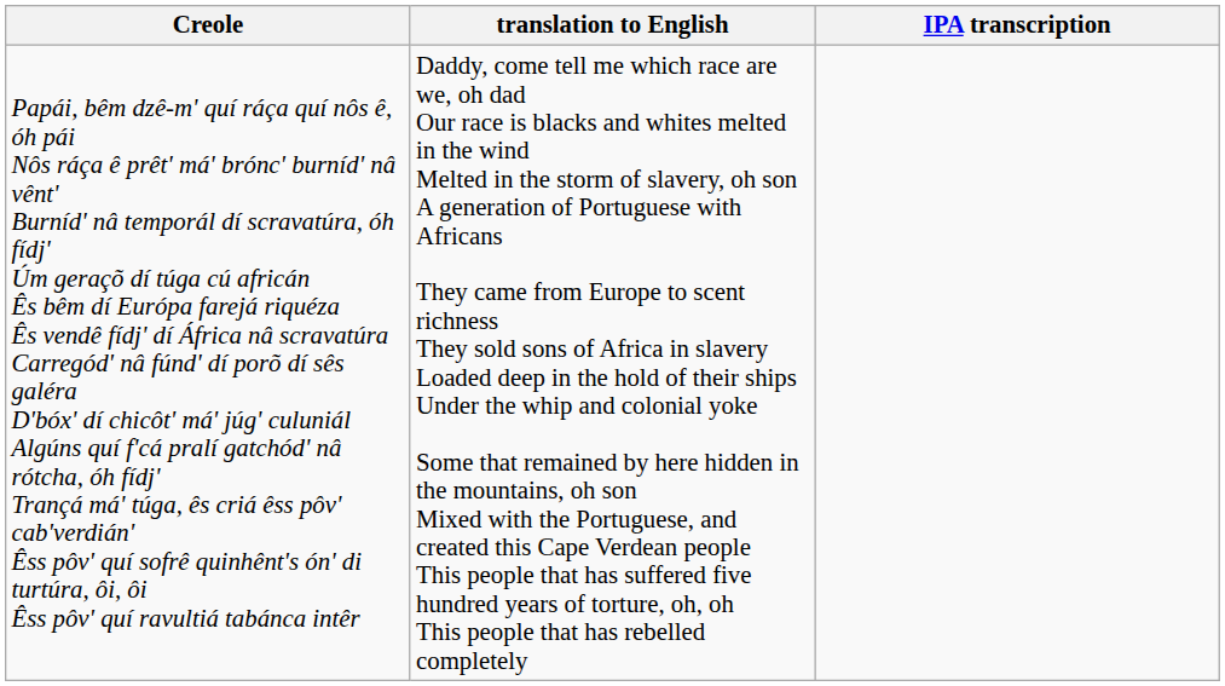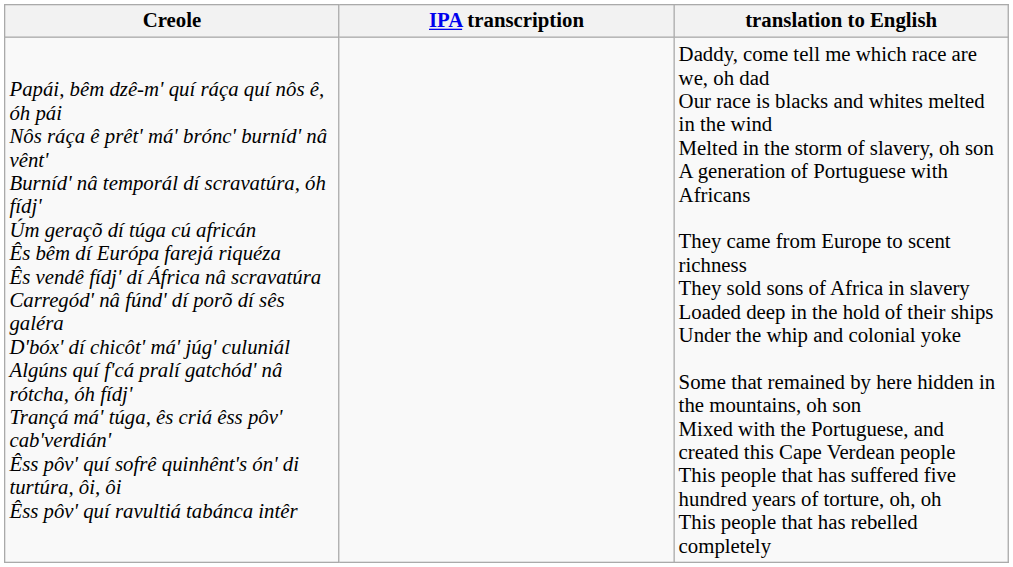 <table class="wikitable">
 <tr>
 <th width="250">Creole</th>
+<th width="250"><a href='#'>IPA</a> transcription</th>
 <th width="250">translation to English</th>
-<th width="250"><a href='#'>IPA</a> transcription</th>
 </tr>
 <tr>
 <td><em>Papái, bêm dzê-m' quí ráça quí nôs ê, óh pái <br>Nôs ráça ê prêt' má' brónc' burníd' nâ vênt' <br>Burníd' nâ temporál dí scravatúra, óh fídj' <br>Úm geraçõ dí túga cú africán</em><br><em>Ês bêm dí Európa farejá riquéza <br>Ês vendê fídj' dí África nâ scravatúra <br>Carregód' nâ fúnd' dí porõ dí sês galéra <br>D'bóx' dí chicôt' má' júg' culuniál</em><br><em>Algúns quí f'cá pralí gatchód' nâ rótcha, óh fídj' <br>Trançá má' túga, ês criá êss pôv' cab'verdián' <br>Êss pôv' quí sofrê quinhênt's ón' di turtúra, ôi, ôi <br>Êss pôv' quí ravultiá tabánca intêr</em></td>
+<td></td>
 <td>Daddy, come tell me which race are we, oh dad<br>Our race is blacks and whites melted in the wind<br>Melted in the storm of slavery, oh son<br>A generation of Portuguese with Africans<br><br>They came from Europe to scent richness<br>They sold sons of Africa in slavery<br>Loaded deep in the hold of their ships<br>Under the whip and colonial yoke<br><br>Some that remained by here hidden in the mountains, oh son<br>Mixed with the Portuguese, and created this Cape Verdean people<br>This people that has suffered five hundred years of torture, oh, oh<br>This people that has rebelled completely</td>
-<td></td>
 </tr>
 </table>
